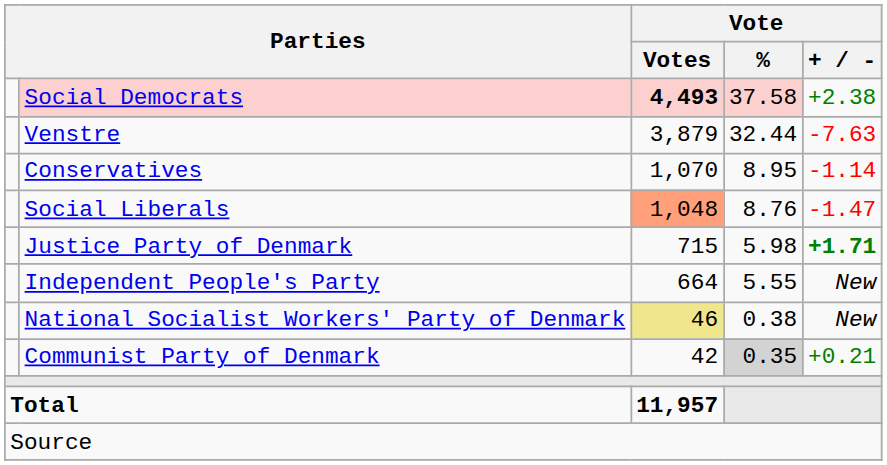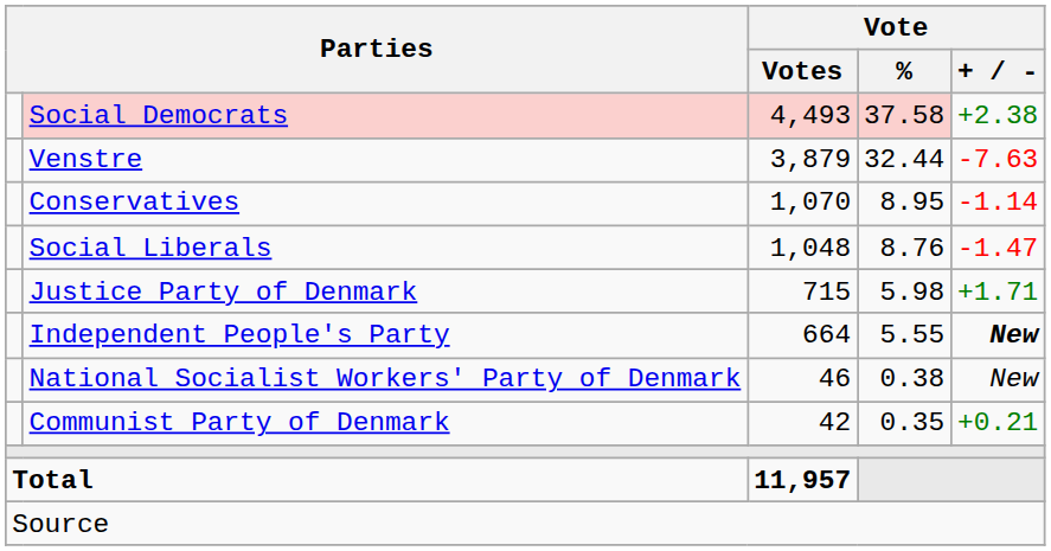 <table class="wikitable" style="text-align:right;">
 <tr>
 <th style="text-align:centre;" rowspan="2" colspan="2" width="225">Parties</th>
 <th colspan="3">Vote</th>
 </tr>
 <tr>
 <th width="15">Votes</th>
 <th width="15">%</th>
 <th width="15">+ / -</th>
 </tr>
 <tr>
 <td width="2" style="color:inherit;background:"></td>
 <td bgcolor=#fbd0ce  align="left"><a href='#'>Social Democrats</a></td>
-<td bgcolor=#fbd0ce><strong>4,493</strong></td>
+<td bgcolor=#fbd0ce>4,493</td>
 <td bgcolor=#fbd0ce>37.58</td>
 <td style=color:green;>+2.38</td>
 </tr>
 <tr>
 <td width="2" style="color:inherit;background:"></td>
 <td align="left"><a href='#'>Venstre</a></td>
 <td>3,879</td>
 <td>32.44</td>
 <td style=color:red;>-7.63</td>
 </tr>
 <tr>
 <td width="2" style="color:inherit;background:"></td>
 <td align="left"><a href='#'>Conservatives</a></td>
 <td>1,070</td>
 <td>8.95</td>
 <td style=color:red;>-1.14</td>
 </tr>
 <tr>
 <td width="2" style="color:inherit;background:"></td>
 <td align="left"><a href='#'>Social Liberals</a></td>
-<td style="background: lightsalmon;">1,048</td>
+<td>1,048</td>
 <td>8.76</td>
 <td style=color:red;>-1.47</td>
 </tr>
 <tr>
 <td width="2" style="color:inherit;background:"></td>
 <td align="left"><a href='#'>Justice Party of Denmark</a></td>
 <td>715</td>
 <td>5.98</td>
-<td style=color:green;><strong>+1.71</strong></td>
+<td style=color:green;>+1.71</td>
 </tr>
 <tr>
 <td width="2" style="color:inherit;background:"></td>
 <td align="left"><a href='#'>Independent People's Party</a></td>
 <td>664</td>
 <td>5.55</td>
-<td><em>New</em></td>
+<td><strong><em>New</em></strong></td>
 </tr>
 <tr>
 <td width="2" style="color:inherit;background:"></td>
 <td align="left"><a href='#'>National Socialist Workers' Party of Denmark</a></td>
-<td style="background: khaki;">46</td>
+<td>46</td>
 <td>0.38</td>
 <td><em>New</em></td>
 </tr>
 <tr>
 <td width="2" style="color:inherit;background:"></td>
 <td align="left"><a href='#'>Communist Party of Denmark</a></td>
 <td>42</td>
-<td style="background: lightgrey;">0.35</td>
+<td>0.35</td>
 <td style=color:green;>+0.21</td>
 </tr>
 <tr>
 <td colspan="7" bgcolor="#E9E9E9"></td>
 </tr>
 <tr>
 <td align="left" colspan="2"><strong>Total</strong></td>
 <td><strong>11,957</strong></td>
 <td bgcolor="#E9E9E9" colspan="2"></td>
 </tr>
 <tr>
 <td align="left" colspan="6">Source</td>
 </tr>
 </table>
